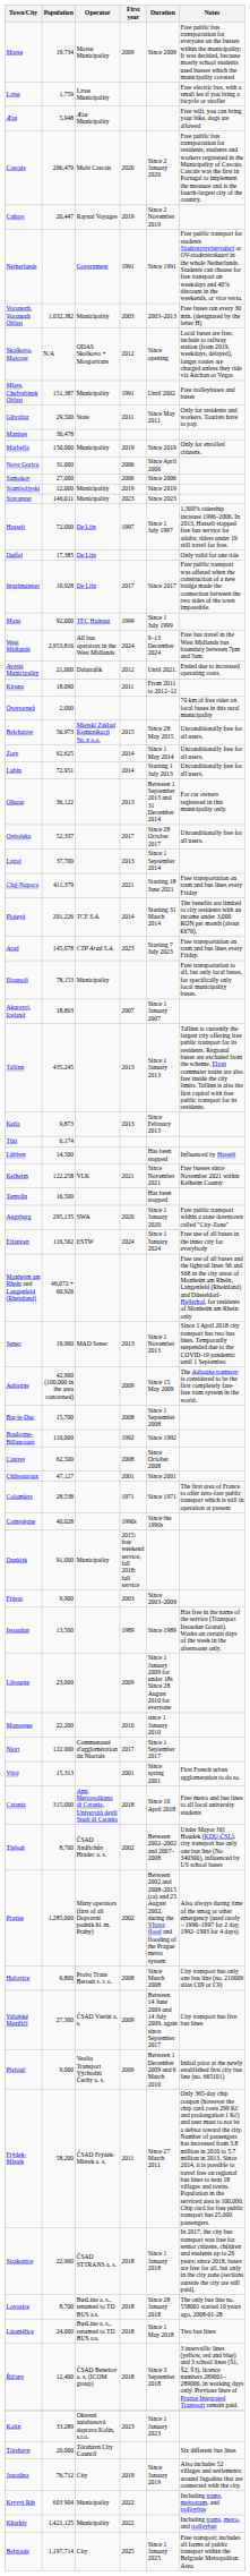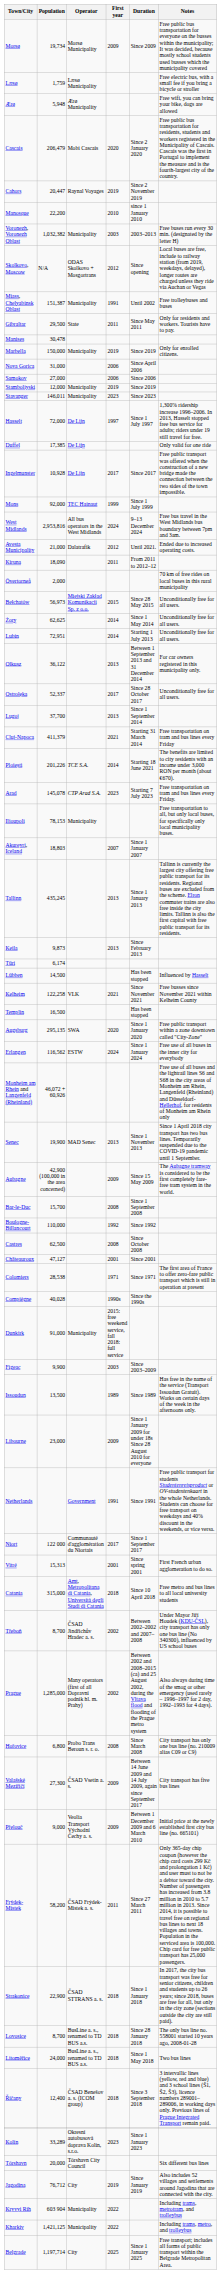 <table class="wikitable sortable">
 <tr>
 <th>Town/City</th>
 <th data-sort-type=number>Population</th>
 <th>Operator</th>
 <th>First year</th>
 <th>Duration</th>
 <th>Notes</th>
 </tr>
 <tr>
 <td> <a href='#'>Morsø</a></td>
 <td style="text-align:right;">19,734</td>
 <td>Morsø Municipality</td>
 <td>2009</td>
 <td>Since 2009</td>
 <td>Free public bus transportation for everyone on the busses within the municipality; It was decided, because mostly school students used busses which the municipality covered</td>
 </tr>
 <tr>
 <td> <a href='#'>Læsø</a></td>
 <td style="text-align:right;">1,759</td>
 <td>Læsø Municipality</td>
 <td></td>
 <td></td>
 <td>Free electric bus, with a small fee if you bring a bicycle or stroller</td>
 </tr>
 <tr>
 <td> <a href='#'>Ærø</a></td>
 <td style="text-align:right;">5,948</td>
 <td>Ærø Municipality</td>
 <td></td>
 <td></td>
 <td>Free wifi, you can bring your bike, dogs are allowed</td>
 </tr>
 <tr>
 <td> <a href='#'>Cascais</a></td>
 <td style="text-align:right;">206,479</td>
 <td>Mobi Cascais</td>
 <td>2020</td>
 <td>Since 2 January 2020</td>
 <td>Free public bus transportation for residents, students and workers registered in the Municipality of Cascais. Cascais was the first in Portugal to implement the measure and is the fourth-largest city of the country.</td>
 </tr>
 <tr>
 <td> <a href='#'>Cahors</a></td>
 <td style="text-align:right;">20,447</td>
 <td>Raynal Voyages</td>
 <td>2019</td>
 <td>Since 2 November 2019</td>
 <td></td>
 </tr>
 <tr>
-<td> <a href='#'>Netherlands</a></td>
+<td> <a href='#'>Manosque</a></td>
+<td style="text-align:right;">22,200</td>
 <td></td>
-<td><a href='#'>Government</a></td>
-<td>1991</td>
-<td>Since 1991</td>
-<td>Free public transport for students <em><a href='#'>Studentenreisproduct</a></em> or <em>OV-studentenkaart</em> in the whole Netherlands. Students can choose for free transport on weekdays and 40% discount in the weekends, or vice versa.</td>
+<td>2010</td>
+<td>since 1 January 2010</td>
+<td></td>
 </tr>
 <tr>
 <td> <a href='#'>Voronezh</a>, <a href='#'>Voronezh Oblast</a></td>
 <td style="text-align:right;">1,032,382</td>
 <td>Municipality</td>
 <td>2003</td>
 <td>2003–2013</td>
 <td>Free buses run every 30 min. (designated by the letter Н)</td>
 </tr>
 <tr>
 <td> <a href='#'>Skolkovo</a>, <a href='#'>Moscow</a></td>
 <td>N/A</td>
 <td>ODAS Skolkovo + Mosgortrans</td>
 <td>2012</td>
 <td>Since opening</td>
 <td>Local buses are free, include to railway station (from 2019, weekdays, delayed), longer routes are charged unless they ride via Auchan or Vegas</td>
 </tr>
 <tr>
 <td> <a href='#'>Miass</a>, <a href='#'>Chelyabinsk Oblast</a></td>
 <td style="text-align:right;">151,387</td>
 <td>Municipality</td>
 <td>1991</td>
 <td>Until 2002</td>
 <td>Free trolleybuses and buses</td>
 </tr>
 <tr>
 <td> <a href='#'>Gibraltar</a></td>
 <td style="text-align:right;">29,500</td>
 <td>State</td>
 <td>2011</td>
 <td>Since May 2011</td>
 <td>Only for residents and workers. Tourists have to pay.</td>
 </tr>
 <tr>
 <td> <a href='#'>Manises</a></td>
 <td style="text-align:right;">30,478</td>
 <td></td>
 <td></td>
 <td></td>
 <td></td>
 </tr>
 <tr>
 <td> <a href='#'>Marbella</a></td>
 <td style="text-align:right;">150,000</td>
 <td>Municipality</td>
 <td>2019</td>
 <td>Since 2019</td>
 <td>Only for enrolled citizens.</td>
 </tr>
 <tr>
 <td> <a href='#'>Nova Gorica</a></td>
 <td style="text-align:right;">31,000</td>
 <td></td>
 <td>2006</td>
 <td>Since April 2006</td>
 <td></td>
 </tr>
 <tr>
 <td> <a href='#'>Samokov</a></td>
 <td style="text-align:right;">27,000</td>
 <td></td>
 <td>2006</td>
 <td>Since 2006</td>
 <td></td>
 </tr>
 <tr>
 <td> <a href='#'>Stamboliyski</a></td>
 <td style="text-align:right;">12,000</td>
 <td>Municipality</td>
 <td>2019</td>
 <td>Since 2019</td>
 <td></td>
 </tr>
 <tr>
 <td> <a href='#'>Stavanger</a></td>
 <td style="text-align:right;">146,011</td>
 <td>Municipality</td>
 <td>2023</td>
 <td>Since 2023</td>
 <td></td>
 </tr>
 <tr>
 <td> <a href='#'>Hasselt</a></td>
 <td style="text-align:right;">72,000</td>
 <td><a href='#'>De Lijn</a></td>
 <td>1997</td>
 <td>Since 1 July 1997</td>
 <td>1,300% ridership increase 1996–2006. In 2013, Hasselt stopped free bus service for adults; riders under 19 still travel for free.</td>
 </tr>
 <tr>
 <td> <a href='#'>Duffel</a></td>
 <td style="text-align:right;">17,385</td>
 <td><a href='#'>De Lijn</a></td>
 <td></td>
 <td></td>
 <td>Only valid for one ride</td>
 </tr>
 <tr>
 <td> <a href='#'>Ingelmunster</a></td>
 <td style="text-align:right;">10,928</td>
 <td><a href='#'>De Lijn</a></td>
 <td>2017</td>
 <td>Since 2017</td>
 <td>Free public transport was offered when the construction of a new bridge made the connection between the two sides of the town impossible.</td>
 </tr>
 <tr>
 <td> <a href='#'>Mons</a></td>
 <td style="text-align:right;">92,000</td>
 <td><a href='#'>TEC Hainaut</a></td>
 <td>1999</td>
 <td>Since 1 July 1999</td>
 <td></td>
 </tr>
 <tr>
 <td> <a href='#'>West Midlands</a></td>
 <td style="text-align:right;">2,953,816</td>
 <td>All bus operators in the West Midlands</td>
 <td>2024</td>
 <td>9–13 December 2024</td>
 <td>Free bus travel in the West Midlands bus boundary between 7pm and 3am.</td>
 </tr>
 <tr>
 <td> <a href='#'>Avesta Municipality</a></td>
 <td style="text-align:right;">21,000</td>
 <td>Dalatrafik</td>
 <td>2012</td>
 <td>Until 2021.</td>
 <td>Ended due to increased operating costs.</td>
 </tr>
 <tr>
 <td> <a href='#'>Kiruna</a></td>
 <td style="text-align:right;">18,090</td>
 <td></td>
 <td>2011</td>
 <td>From 2011 to 2012–12</td>
 <td></td>
 </tr>
 <tr>
 <td> <a href='#'>Övertorneå</a></td>
 <td style="text-align:right;">2,000</td>
 <td></td>
 <td></td>
 <td></td>
 <td>70 km of free rides on local buses in this rural municipality </td>
 </tr>
 <tr>
 <td> <a href='#'>Bełchatów</a></td>
 <td style="text-align:right;">56,973</td>
 <td><a href='#'>Miejski Zakład Komunikacji Sp. z o.o.</a></td>
 <td>2015</td>
 <td>Since 28 May 2015</td>
 <td>Unconditionally free for all users.</td>
 </tr>
 <tr>
 <td> <a href='#'>Żory</a></td>
 <td style="text-align:right;">62,625</td>
 <td></td>
 <td>2014</td>
 <td>Since 1 May 2014</td>
 <td>Unconditionally free for all users.</td>
 </tr>
 <tr>
 <td> <a href='#'>Lubin</a></td>
 <td style="text-align:right;">72,951</td>
 <td></td>
 <td>2014</td>
 <td>Starting 1 July 2013</td>
 <td>Unconditionally free for all users.</td>
 </tr>
 <tr>
 <td> <a href='#'>Olkusz</a></td>
 <td style="text-align:right;">36,122</td>
 <td></td>
 <td>2013</td>
 <td>Between 1 September 2013 and 31 December 2014</td>
 <td>For car owners registered in this municipality only.</td>
 </tr>
 <tr>
 <td> <a href='#'>Ostrołęka</a></td>
 <td style="text-align:right;">52,337</td>
 <td></td>
 <td>2017</td>
 <td>Since 28 October 2017</td>
 <td>Unconditionally free for all users.</td>
 </tr>
 <tr>
 <td> <a href='#'>Lugoj</a></td>
 <td style="text-align:right;">37,700</td>
 <td></td>
 <td>2013</td>
 <td>Since 1 September 2014</td>
 <td></td>
 </tr>
 <tr>
 <td> <a href='#'>Cluj-Napoca</a></td>
 <td style="text-align:right;">411,379</td>
 <td></td>
 <td>2021</td>
-<td>Starting 18 June 2021</td>
+<td>Starting 31 March 2014</td>
 <td>Free transportation on tram and bus lines every Friday</td>
 </tr>
 <tr>
 <td> <a href='#'>Ploiești</a></td>
 <td style="text-align:right;">201,226</td>
 <td><em>TCE S.A.</em></td>
 <td>2014</td>
-<td>Starting 31 March 2014</td>
+<td>Starting 18 June 2021</td>
 <td>The benefits are limited to city residents with an income under 3,000 RON per month (about €670).</td>
 </tr>
 <tr>
 <td> <a href='#'>Arad</a></td>
 <td style="text-align:right;">145,078</td>
 <td><em>CTP Arad S.A.</em></td>
 <td>2023</td>
 <td>Starting 7 July 2023</td>
 <td>Free transportation on tram and bus lines every Friday.</td>
 </tr>
 <tr>
 <td> <a href='#'>Ilioupoli</a></td>
 <td style="text-align:right;">78,153</td>
 <td>Municipality</td>
 <td></td>
 <td></td>
 <td>Free transportation to all, but only local buses, for specifically only local municipality buses.</td>
 </tr>
 <tr>
 <td> <a href='#'>Akureyri</a>, <a href='#'>Iceland</a></td>
 <td style="text-align:right;">18,803</td>
 <td></td>
 <td>2007</td>
 <td>Since 1 January 2007</td>
 <td></td>
 </tr>
 <tr>
 <td> <a href='#'>Tallinn</a></td>
 <td style="text-align:right;">435,245</td>
 <td></td>
 <td>2013</td>
 <td>Since 1 January 2013</td>
 <td>Tallinn is currently the largest city offering free public transport for its residents. Regional buses are excluded from the scheme. <a href='#'>Elron</a> commuter trains are also free inside the city limits. Tallinn is also the first capital with free public transport for its residents.</td>
 </tr>
 <tr>
 <td> <a href='#'>Keila</a></td>
 <td style="text-align:right;">9,873</td>
 <td></td>
 <td>2013</td>
 <td>Since February 2013</td>
 <td></td>
 </tr>
 <tr>
 <td> <a href='#'>Türi</a></td>
 <td style="text-align:right;">6,174</td>
 <td></td>
 <td></td>
 <td></td>
 <td></td>
 </tr>
 <tr>
 <td> <a href='#'>Lübben</a></td>
 <td style="text-align:right;">14,500</td>
 <td></td>
 <td></td>
 <td>Has been stopped</td>
 <td>Influenced by <a href='#'>Hasselt</a></td>
 </tr>
 <tr>
 <td> <a href='#'>Kelheim</a></td>
 <td style="text-align:right;">122,258</td>
 <td>VLK</td>
 <td>2021</td>
 <td>Since November 2021</td>
 <td>Free busses since November 2021 within Kelheim County</td>
 </tr>
 <tr>
 <td> <a href='#'>Templin</a></td>
 <td style="text-align:right;">16,500</td>
 <td></td>
 <td></td>
 <td>Has been stopped</td>
 <td></td>
 </tr>
 <tr>
 <td> <a href='#'>Augsburg</a></td>
 <td style="text-align:right;">295,135</td>
 <td>SWA</td>
 <td>2020</td>
 <td>Since 1 January 2020</td>
 <td>Free public transport within a zone downtown called "City-Zone"</td>
 </tr>
 <tr>
 <td> <a href='#'>Erlangen</a></td>
 <td style="text-align:right;">116,562</td>
 <td>ESTW</td>
 <td>2024</td>
 <td>Since 1 January 2024</td>
 <td>Free use of all buses in the inner city for everybody</td>
 </tr>
 <tr>
 <td> <a href='#'>Monheim am Rhein</a> and <a href='#'>Langenfeld (Rheinland)</a></td>
 <td style="text-align:right;">46,072 + 60,926</td>
 <td></td>
 <td></td>
 <td></td>
 <td>Free use of all buses and the lightrail lines S6 and S68 in the city areas of Monheim am Rhein, Langenfeld (Rheinland) and Düsseldorf-<a href='#'>Hellerhof</a>, for residents of Monheim am Rhein only</td>
 </tr>
 <tr>
 <td> <a href='#'>Senec</a></td>
 <td style="text-align:right;">19,900</td>
 <td>MAD Senec</td>
 <td>2013</td>
 <td>Since 1 November 2013</td>
 <td>Since 1 April 2018 city transport has two bus lines. Temporarily suspended due to the COVID-19 pandemic until 1 September.</td>
 </tr>
 <tr>
 <td> <a href='#'>Aubagne</a></td>
 <td style="text-align:right;">42,900 (100,000 in the area concerned)</td>
 <td></td>
 <td>2009</td>
 <td>Since 15 May 2009</td>
 <td>The <a href='#'>Aubagne tramway</a> is considered to be the first completely fare-free tram system in the world.</td>
 </tr>
 <tr>
 <td> <a href='#'>Bar-le-Duc</a></td>
 <td style="text-align:right;">15,700</td>
 <td></td>
 <td>2008</td>
 <td>Since 1 September 2008</td>
 <td></td>
 </tr>
 <tr>
 <td> <a href='#'>Boulogne-Billancourt</a></td>
 <td style="text-align:right;">110,000</td>
 <td></td>
 <td>1992</td>
 <td>Since 1992</td>
 <td></td>
 </tr>
 <tr>
 <td> <a href='#'>Castres</a></td>
 <td style="text-align:right;">62,500</td>
 <td></td>
 <td>2008</td>
 <td>Since October 2008</td>
 <td></td>
 </tr>
 <tr>
 <td> <a href='#'>Châteauroux</a></td>
 <td style="text-align:right;">47,127</td>
 <td></td>
 <td>2001</td>
 <td>Since 2001</td>
 <td></td>
 </tr>
 <tr>
 <td> <a href='#'>Colomiers</a></td>
 <td style="text-align:right;">28,538</td>
 <td></td>
 <td>1971</td>
 <td>Since 1971</td>
 <td>The first area of France to offer zero-fare public transport which is still in operation at present</td>
 </tr>
 <tr>
 <td> <a href='#'>Compiègne</a></td>
 <td style="text-align:right;">40,028</td>
 <td></td>
 <td>1990s</td>
 <td>Since the 1990s</td>
 <td></td>
 </tr>
 <tr>
 <td> <a href='#'>Dunkirk</a></td>
 <td style="text-align:right;">91,000</td>
 <td>Municipality</td>
 <td>2015: free weekend service, fall 2018: full service</td>
 <td></td>
 <td></td>
 </tr>
 <tr>
 <td> <a href='#'>Figeac</a></td>
 <td style="text-align:right;">9,900</td>
 <td></td>
 <td>2003</td>
 <td>Since 2003–2009</td>
 <td></td>
 </tr>
 <tr>
 <td> <a href='#'>Issoudun</a></td>
 <td style="text-align:right;">13,500</td>
 <td></td>
 <td>1989</td>
 <td>Since 1989</td>
 <td>Has free in the name of the service (Transport Issoudun Gratuit). Works on certain days of the week in the afternoons only.</td>
 </tr>
 <tr>
 <td> <a href='#'>Libourne</a></td>
 <td style="text-align:right;">23,000</td>
 <td></td>
 <td>2009</td>
 <td>Since 1 January 2009 for under 18s<br>Since 28 August 2010 for everyone</td>
 <td></td>
 </tr>
 <tr>
-<td> <a href='#'>Manosque</a></td>
-<td style="text-align:right;">22,200</td>
+<td> <a href='#'>Netherlands</a></td>
 <td></td>
-<td>2010</td>
-<td>since 1 January 2010</td>
-<td></td>
+<td><a href='#'>Government</a></td>
+<td>1991</td>
+<td>Since 1991</td>
+<td>Free public transport for students <em><a href='#'>Studentenreisproduct</a></em> or <em>OV-studentenkaart</em> in the whole Netherlands. Students can choose for free transport on weekdays and 40% discount in the weekends, or vice versa.</td>
 </tr>
 <tr>
 <td> <a href='#'>Niort</a></td>
 <td style="text-align:right;">122 000</td>
 <td>Communauté d'agglomération du Niortais</td>
 <td>2017</td>
 <td>Since 1 September 2017</td>
 <td></td>
 </tr>
 <tr>
 <td> <a href='#'>Vitré</a></td>
 <td style="text-align:right;">15,313</td>
 <td></td>
 <td>2001</td>
 <td>Since spring 2001</td>
 <td>First French urban agglomeration to do so.</td>
 </tr>
 <tr>
 <td> <a href='#'>Catania</a></td>
 <td style="text-align:right;">315,000</td>
 <td><a href='#'>Amt</a>, <a href='#'>Metropolitana di Catania</a>, <a href='#'>Università degli Studi di Catania</a></td>
 <td>2018</td>
 <td>Since 10 April 2018</td>
 <td>Free metro and bus lines to all local university students</td>
 </tr>
 <tr>
 <td> <a href='#'>Třeboň</a></td>
 <td style="text-align:right;">8,700</td>
 <td>ČSAD Jindřichův Hradec a. s.</td>
 <td>2002</td>
 <td>Between 2002–2002 and 2007–2008</td>
 <td>Under Mayor Jiří Houdek (<a href='#'>KDU-ČSL</a>), city transport has only one bus line (No 340300), influenced by US school buses</td>
 </tr>
 <tr>
 <td> <a href='#'>Prague</a></td>
 <td style="text-align:right;">1,285,000</td>
 <td>Many operators (first of all Dopravní podnik hl. m. Prahy)</td>
 <td>2002</td>
 <td>Between 2002 and 2008–2015 (ca) and 25 August 2002, during the <a href='#'>Vltava flood</a> and flooding of the Prague metro system</td>
 <td>Also always during time of the smog or other emergency (used rarely – 1996–1997 for 2 day, 1992–1993 for 4 days).</td>
 </tr>
 <tr>
 <td> <a href='#'>Hořovice</a></td>
 <td style="text-align:right;">6,800</td>
 <td>Probo Trans Beroun s. r. o.</td>
 <td>2008</td>
 <td>Since March 2008</td>
 <td>City transport has only one bus line (no. 210009 alias C09 or C9)</td>
 </tr>
 <tr>
 <td> <a href='#'>Valašské Meziříčí</a></td>
 <td style="text-align:right;">27,300</td>
 <td>ČSAD Vsetín a. s.</td>
 <td>2009</td>
 <td>Between 14 June 2009 and 14 July 2009, again since September 2017</td>
 <td>City transport has five bus lines</td>
 </tr>
 <tr>
 <td> <a href='#'>Přelouč</a></td>
 <td style="text-align:right;">9,000</td>
 <td>Veolia Transport Východní Čechy a. s.</td>
 <td>2009</td>
 <td>Between 1 December 2009 and 6 March 2010</td>
 <td>Initial price at the newly established first city bus line (no. 665101)</td>
 </tr>
 <tr>
 <td> <a href='#'>Frýdek-Místek</a></td>
 <td style="text-align:right;">58,200</td>
 <td>ČSAD Frýdek-Místek a. s.</td>
 <td>2011</td>
 <td>Since 27 March 2011</td>
 <td>Only 365-day chip coupon (however the chip card costs 299 Kč and prolongation 1 Kč) and user must to not be a debtor toward the city. Number of passengers has increased from 3.8 million in 2010 to 5.7 million in 2013. Since 2014, it is possible to travel free on regional bus lines to next 18 villages and towns. Population in the serviced area is 100,000. Chip card for free public transport has 25,000 passengers.</td>
 </tr>
 <tr>
 <td> <a href='#'>Strakonice</a></td>
 <td style="text-align:right;">22,900</td>
 <td>ČSAD STTRANS a. s.</td>
 <td>2018</td>
 <td>Since 1 January 2018</td>
 <td>In 2017, the city bus transport was free for senior citizens, children and students up to 26 years; since 2018, buses are free for all, but only in the city zone (sections outside the city are still paid).</td>
 </tr>
 <tr>
 <td> <a href='#'>Lovosice</a></td>
 <td style="text-align:right;">8,700</td>
 <td>BusLine a. s., renamed to TD BUS a.s.</td>
 <td>2018</td>
 <td>Since 28 January 2018</td>
 <td>The only bus line no. 558001 started 10 years ago, 2008-01-28</td>
 </tr>
 <tr>
 <td> <a href='#'>Litoměřice</a></td>
 <td style="text-align:right;">24,000</td>
 <td>BusLine a. s., renamed to TD BUS a.s.</td>
 <td>2018</td>
 <td>Since 1 May 2018</td>
 <td>Two bus lines</td>
 </tr>
 <tr>
 <td> <a href='#'>Říčany</a></td>
 <td style="text-align:right;">12,400</td>
 <td>ČSAD Benešov a. s. (ICOM group)</td>
 <td>2018</td>
 <td>Since 3 September 2018</td>
 <td>3 intervallic lines (yellow, red and blue) and 3 school lines (Š1, Š2, Š3), licence numbers 289001–289006, in working days only. Previous lines of <a href='#'>Prague Integrated Transport</a> remain paid.</td>
 </tr>
 <tr>
 </tr>
 <tr>
 <td> <a href='#'>Kolín</a></td>
 <td style="text-align:right;">33,289</td>
 <td>Okresní autobusová doprava Kolín, s.r.o.</td>
 <td>2023</td>
 <td>Since 1 January 2023</td>
 <td></td>
 </tr>
 <tr>
 <td> <a href='#'>Tórshavn</a></td>
 <td style="text-align:right;">20,000</td>
 <td>Tórshavn City Council</td>
 <td></td>
 <td></td>
 <td>Six different bus lines</td>
 </tr>
 <tr>
 <td> <a href='#'>Jagodina</a></td>
 <td style="text-align:right;">76,712</td>
 <td>City</td>
 <td>2019</td>
 <td>Since January 2019</td>
 <td>Also includes 52 villages and settlements around Jagodina that are connected with the city.</td>
 </tr>
 <tr>
 <td> <a href='#'>Kryvyi Rih</a></td>
 <td style="text-align:right;">603 904</td>
 <td>Municipality</td>
 <td>2022</td>
 <td></td>
 <td>Including <a href='#'>trams</a>, <a href='#'>metrotram</a>, and <a href='#'>trolleybus</a></td>
 </tr>
 <tr>
 <td> <a href='#'>Kharkiv</a></td>
 <td style="text-align:right;">1,421,125</td>
 <td>Municipality</td>
 <td>2022</td>
 <td></td>
 <td>Including <a href='#'>trams</a>, <a href='#'>metro</a>, and <a href='#'>trolleybus</a></td>
 </tr>
 <tr>
 <td> <a href='#'>Belgrade</a></td>
 <td style="text-align:right;">1,197,714</td>
 <td>City</td>
 <td>2025</td>
 <td>Since 1 January 2025</td>
 <td>Free transport; includes all forms of public transport within the Belgrade Metropolitan Area.</td>
 </tr>
 </table>
